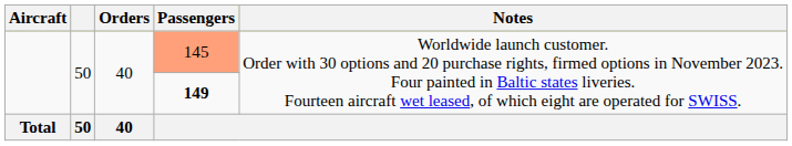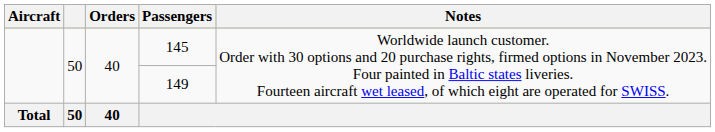 <table class="wikitable" style="margin:0.5em auto; text-align:center">
 <tr style="background:#cdda32;">
 <th>Aircraft</th>
 <th></th>
 <th>Orders</th>
 <th>Passengers</th>
 <th>Notes</th>
 </tr>
 <tr>
 <td rowspan="2"></td>
 <td rowspan="2">50</td>
 <td rowspan="2">40</td>
-<td style="background: lightsalmon;">145</td>
+<td>145</td>
 <td rowspan="2">Worldwide launch customer.<br>Order with 30 options and 20 purchase rights, firmed options in November 2023.<br>Four painted in <a href='#'>Baltic states</a> liveries.<br>Fourteen aircraft <a href='#'>wet leased</a>, of which eight are operated for <a href='#'>SWISS</a>.</td>
 </tr>
 <tr>
-<td><strong>149</strong></td>
+<td>149</td>
 </tr>
 <tr>
 <th>Total</th>
 <th>50</th>
 <th>40</th>
 <th colspan="2"></th>
 </tr>
 </table>
